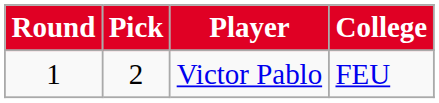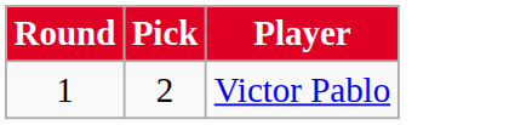 <table class="wikitable sortable sortable">
 <tr>
 <th style="background:#E00024; color:#FFFFFF; ">Round</th>
 <th style="background:#E00024; color:#FFFFFF; ">Pick</th>
 <th style="background:#E00024; color:#FFFFFF; ">Player</th>
-<th style="background:#E00024; color:#FFFFFF; ">College</th>
 </tr>
 <tr>
 <td align="center">1</td>
 <td align="center">2</td>
 <td><a href='#'>Victor Pablo</a></td>
-<td><a href='#'>FEU</a></td>
 </tr>
 </table>
